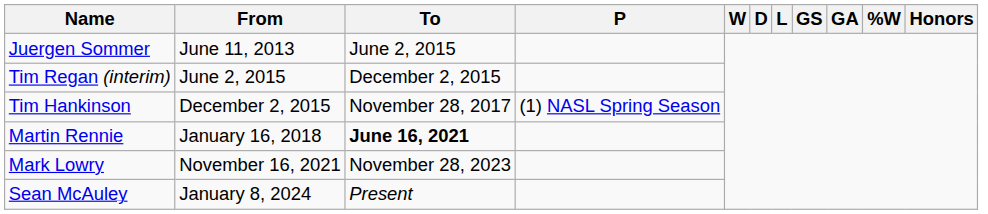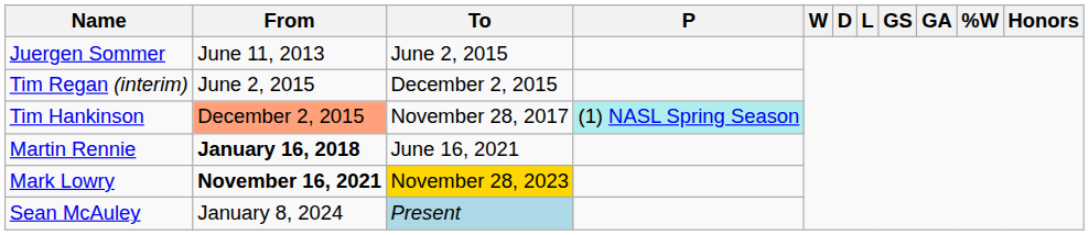 <table class="wikitable sortable" style="text-align: center">
 <tr>
 <th>Name</th>
 <th class="unsortable">From</th>
 <th class="unsortable">To</th>
 <th abbr="TOTAL OF MATCHES PLAYED">P</th>
 <th abbr="MATCHES WON">W</th>
 <th abbr="MATCHES DRAWN">D</th>
 <th abbr="MATCHES LOST">L</th>
 <th abbr="GOALS SCORED">GS</th>
 <th abbr="GOALS AGAINST">GA</th>
 <th abbr="PERCENTAGE OF MATCHES WON">%W</th>
 <th>Honors</th>
 </tr>
 <tr>
 <td align=left> <a href='#'>Juergen Sommer</a></td>
 <td align=left>June 11, 2013</td>
 <td align=left>June 2, 2015<br></td>
 <td></td>
 </tr>
 <tr>
 <td align=left> <a href='#'>Tim Regan</a> <em>(interim)</em></td>
 <td align=left>June 2, 2015</td>
 <td align=left>December 2, 2015<br></td>
 <td></td>
 </tr>
 <tr>
 <td align=left> <a href='#'>Tim Hankinson</a></td>
-<td align=left>December 2, 2015</td>
+<td align=left style="background: lightsalmon;">December 2, 2015</td>
 <td align=left>November 28, 2017<br></td>
-<td>(1) <a href='#'>NASL Spring Season</a></td>
+<td style="background: paleturquoise;">(1) <a href='#'>NASL Spring Season</a></td>
 </tr>
 <tr>
 <td align=left> <a href='#'>Martin Rennie</a></td>
-<td align=left>January 16, 2018</td>
-<td align=left><strong>June 16, 2021<br></strong></td>
+<td align=left><strong>January 16, 2018</strong></td>
+<td align=left>June 16, 2021<br></td>
 <td></td>
 </tr>
 <tr>
 <td align=left> <a href='#'>Mark Lowry</a></td>
-<td align=left>November 16, 2021</td>
-<td align=left>November 28, 2023<br></td>
+<td align=left><strong>November 16, 2021</strong></td>
+<td align=left style="background: gold;">November 28, 2023<br></td>
 <td></td>
 </tr>
 <tr>
 <td align=left> <a href='#'>Sean McAuley</a></td>
 <td align=left>January 8, 2024</td>
-<td align=left><em>Present</em><br></td>
+<td align=left style="background: lightblue;"><em>Present</em><br></td>
 <td></td>
 </tr>
 </table>
